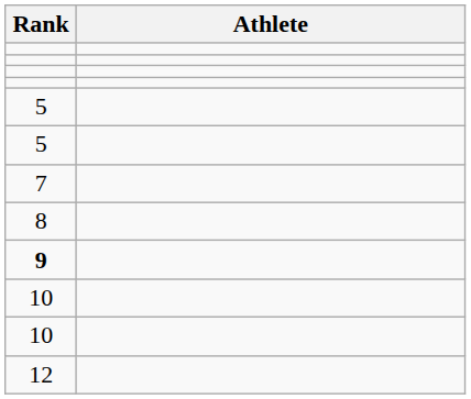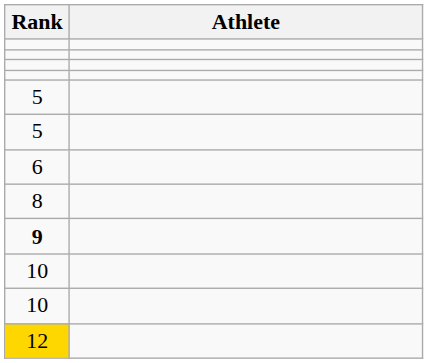 <table class="wikitable" style="text-align: center;">
 <tr>
 <th width=40>Rank</th>
 <th width=250>Athlete</th>
 </tr>
 <tr>
 <td></td>
 <td align=left></td>
 </tr>
 <tr>
 <td></td>
 <td align=left></td>
 </tr>
 <tr>
 <td></td>
 <td align=left></td>
 </tr>
 <tr>
 <td></td>
 <td align=left></td>
 </tr>
 <tr>
 <td>5</td>
 <td align=left></td>
 </tr>
 <tr>
 <td>5</td>
 <td align=left></td>
 </tr>
 <tr>
-<td>7</td>
+<td>6</td>
 <td align=left></td>
 </tr>
 <tr>
 <td>8</td>
 <td align=left></td>
 </tr>
 <tr>
 <td><strong>9</strong></td>
 <td align=left></td>
 </tr>
 <tr>
 <td>10</td>
 <td align=left></td>
 </tr>
 <tr>
 <td>10</td>
 <td align=left></td>
 </tr>
 <tr>
-<td>12</td>
+<td style="background: gold;">12</td>
 <td align=left></td>
 </tr>
 </table>
